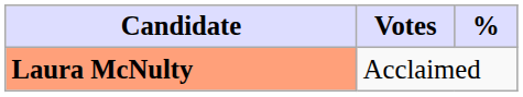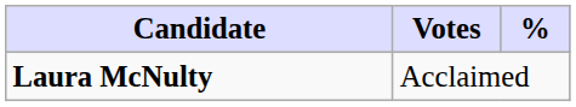 <table class="wikitable">
 <tr>
 <th style="background:#ddf; width:200px;">Candidate</th>
 <th style="background:#ddf; width:50px;">Votes</th>
 <th style="background:#ddf; width:30px;">%</th>
 </tr>
 <tr>
-<td style="background: lightsalmon;"><strong>Laura McNulty</strong></td>
+<td><strong>Laura McNulty</strong></td>
 <td colspan="2">Acclaimed</td>
 </tr>
 </table>
